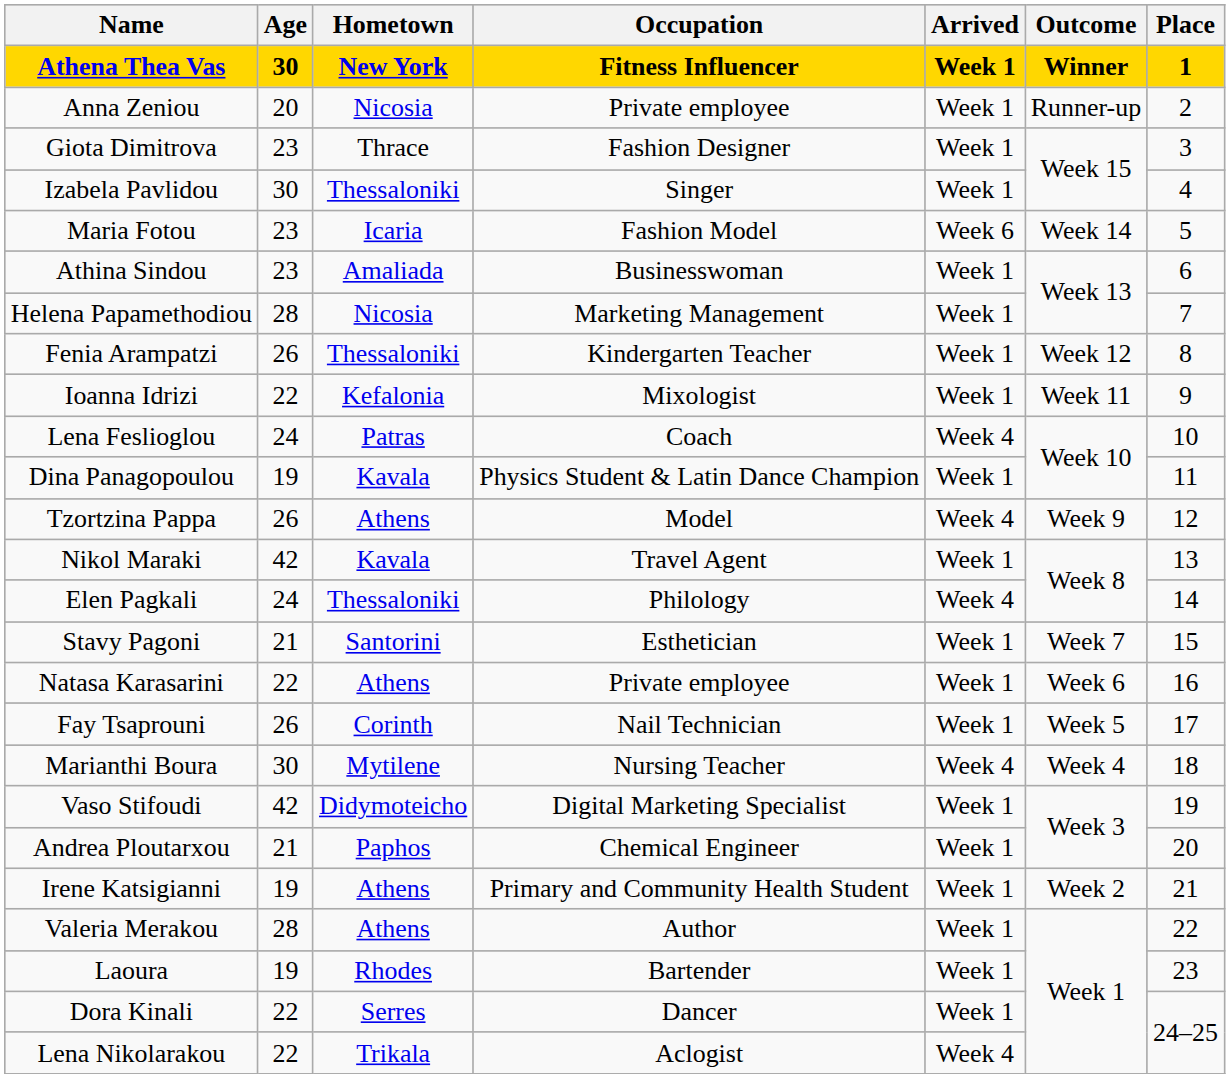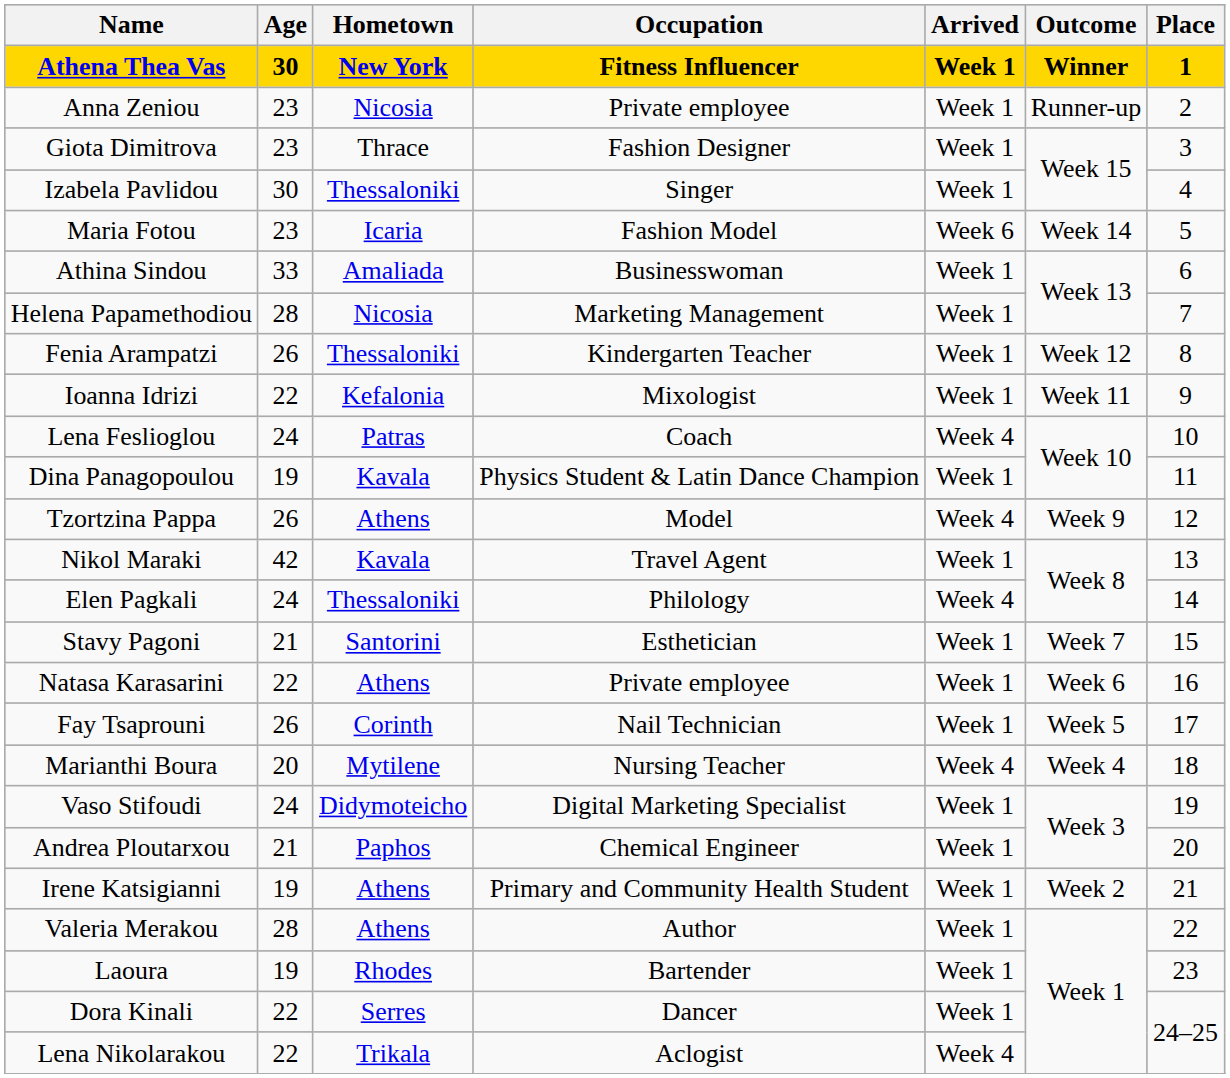 <table class="wikitable sortable" style="text-align:center;">
 <tr>
 <th>Name</th>
 <th>Age</th>
 <th>Hometown</th>
 <th>Occupation</th>
 <th>Arrived</th>
 <th>Outcome</th>
 <th>Place</th>
 </tr>
 <tr>
 <td bgcolor="gold"><strong><a href='#'>Athena Thea Vas</a></strong></td>
 <td bgcolor="gold"><strong>30</strong></td>
 <td bgcolor="gold"><strong><a href='#'>New York</a></strong></td>
 <td bgcolor="gold"><strong>Fitness Influencer</strong></td>
 <td bgcolor="gold"><strong>Week 1</strong></td>
 <td bgcolor="gold"><strong>Winner</strong></td>
 <td bgcolor="gold"><strong>1</strong></td>
 </tr>
 <tr>
 <td>Anna Zeniou</td>
-<td>20</td>
+<td>23</td>
 <td><a href='#'>Nicosia</a></td>
 <td>Private employee</td>
 <td>Week 1</td>
 <td data-sort-value="Wh">Runner-up</td>
 <td>2</td>
 </tr>
 <tr>
 <td>Giota Dimitrova</td>
 <td>23</td>
 <td>Thrace</td>
 <td>Fashion Designer</td>
 <td>Week 1</td>
 <td rowspan="2">Week 15</td>
 <td>3</td>
 </tr>
 <tr>
 <td>Izabela Pavlidou</td>
 <td>30</td>
 <td><a href='#'>Thessaloniki</a></td>
 <td>Singer</td>
 <td>Week 1</td>
 <td>4</td>
 </tr>
 <tr>
 <td>Maria Fotou</td>
 <td>23</td>
 <td><a href='#'>Icaria</a></td>
 <td>Fashion Model</td>
 <td>Week 6</td>
 <td>Week 14</td>
 <td>5</td>
 </tr>
 <tr>
 <td>Athina Sindou</td>
-<td>23</td>
+<td>33</td>
 <td><a href='#'>Amaliada</a></td>
 <td>Businesswoman</td>
 <td>Week 1</td>
 <td rowspan="2">Week 13</td>
 <td>6</td>
 </tr>
 <tr>
 <td>Helena Papamethodiou</td>
 <td>28</td>
 <td><a href='#'>Nicosia</a></td>
 <td>Marketing Management</td>
 <td>Week 1</td>
 <td>7</td>
 </tr>
 <tr>
 <td>Fenia Arampatzi</td>
 <td>26</td>
 <td><a href='#'>Thessaloniki</a></td>
 <td>Kindergarten Teacher</td>
 <td>Week 1</td>
 <td>Week 12</td>
 <td>8</td>
 </tr>
 <tr>
 <td>Ioanna Idrizi</td>
 <td>22</td>
 <td><a href='#'>Kefalonia</a></td>
 <td>Mixologist</td>
 <td>Week 1</td>
 <td>Week 11</td>
 <td>9</td>
 </tr>
 <tr>
 <td>Lena Feslioglou</td>
 <td>24</td>
 <td><a href='#'>Patras</a></td>
 <td>Coach</td>
 <td>Week 4</td>
 <td rowspan="2">Week 10</td>
 <td>10</td>
 </tr>
 <tr>
 <td>Dina Panagopoulou</td>
 <td>19</td>
 <td><a href='#'>Kavala</a></td>
 <td>Physics Student & Latin Dance Champion</td>
 <td>Week 1</td>
 <td>11</td>
 </tr>
 <tr>
 <td>Tzortzina Pappa</td>
 <td>26</td>
 <td><a href='#'>Athens</a></td>
 <td>Model</td>
 <td>Week 4</td>
 <td>Week 9</td>
 <td>12</td>
 </tr>
 <tr>
 <td>Nikol Maraki</td>
 <td>42</td>
 <td><a href='#'>Kavala</a></td>
 <td>Travel Agent</td>
 <td>Week 1</td>
 <td rowspan="2">Week 8</td>
 <td>13</td>
 </tr>
 <tr>
 <td>Elen Pagkali</td>
 <td>24</td>
 <td><a href='#'>Thessaloniki</a></td>
 <td>Philology</td>
 <td>Week 4</td>
 <td>14</td>
 </tr>
 <tr>
 <td>Stavy Pagoni</td>
 <td>21</td>
 <td><a href='#'>Santorini</a></td>
 <td>Esthetician</td>
 <td>Week 1</td>
 <td>Week 7</td>
 <td>15</td>
 </tr>
 <tr>
 <td>Natasa Karasarini</td>
 <td>22</td>
 <td><a href='#'>Athens</a></td>
 <td>Private employee</td>
 <td>Week 1</td>
 <td>Week 6</td>
 <td>16</td>
 </tr>
 <tr>
 <td>Fay Tsaprouni</td>
 <td>26</td>
 <td><a href='#'>Corinth</a></td>
 <td>Nail Technician</td>
 <td>Week 1</td>
 <td>Week 5</td>
 <td>17</td>
 </tr>
 <tr>
 <td>Marianthi Boura</td>
-<td>30</td>
+<td>20</td>
 <td><a href='#'>Mytilene</a></td>
 <td>Nursing Teacher</td>
 <td>Week 4</td>
 <td>Week 4</td>
 <td>18</td>
 </tr>
 <tr>
 <td>Vaso Stifoudi</td>
-<td>42</td>
+<td>24</td>
 <td><a href='#'>Didymoteicho</a></td>
 <td>Digital Μarketing Specialist</td>
 <td>Week 1</td>
 <td rowspan="2">Week 3</td>
 <td>19</td>
 </tr>
 <tr>
 <td>Andrea Ploutarxou</td>
 <td>21</td>
 <td><a href='#'>Paphos</a></td>
 <td>Chemical Engineer</td>
 <td>Week 1</td>
 <td>20</td>
 </tr>
 <tr>
 <td>Irene Katsigianni</td>
 <td>19</td>
 <td><a href='#'>Athens</a></td>
 <td>Primary and Community Health Student</td>
 <td>Week 1</td>
 <td>Week 2</td>
 <td>21</td>
 </tr>
 <tr>
 <td>Valeria Merakou</td>
 <td>28</td>
 <td><a href='#'>Athens</a></td>
 <td>Author</td>
 <td>Week 1</td>
 <td rowspan="4">Week 1</td>
 <td>22</td>
 </tr>
 <tr>
 <td>Laoura</td>
 <td>19</td>
 <td><a href='#'>Rhodes</a></td>
 <td>Bartender</td>
 <td>Week 1</td>
 <td>23</td>
 </tr>
 <tr>
 <td>Dora Kinali</td>
 <td>22</td>
 <td><a href='#'>Serres</a></td>
 <td>Dancer</td>
 <td>Week 1</td>
 <td rowspan="2">24–25</td>
 </tr>
 <tr>
 <td>Lena Nikolarakou</td>
 <td>22</td>
 <td><a href='#'>Trikala</a></td>
 <td>Aclogist</td>
 <td>Week 4</td>
 </tr>
 <tr>
 </tr>
 </table>
